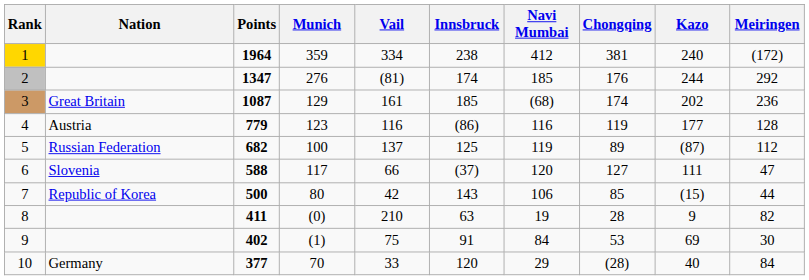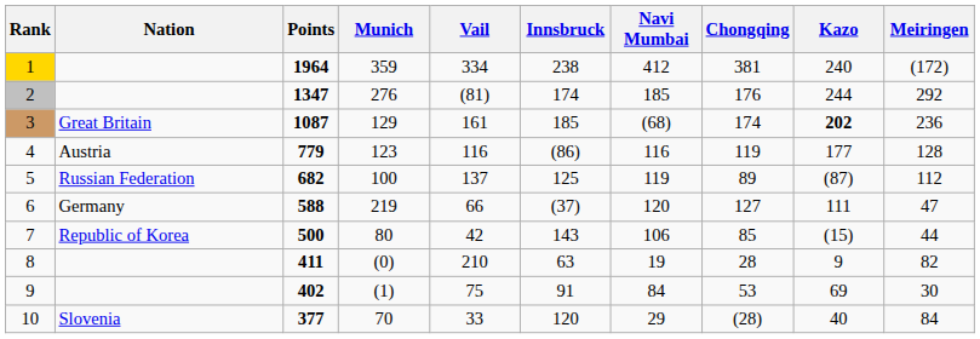 <table class="wikitable sortable">
 <tr>
 <th>Rank</th>
 <th width = "200">Nation</th>
 <th>Points</th>
 <th width = "75" data-sort-type="number"><a href='#'>Munich</a></th>
 <th width = "75" data-sort-type="number"><a href='#'>Vail</a></th>
 <th width = "75" data-sort-type="number"><a href='#'>Innsbruck</a></th>
 <th width = "75" data-sort-type="number"><a href='#'>Navi Mumbai</a></th>
 <th width = "75" data-sort-type="number"><a href='#'>Chongqing</a></th>
 <th width = "75" data-sort-type="number"><a href='#'>Kazo</a></th>
 <th width = "75" data-sort-type="number"><a href='#'>Meiringen</a></th>
 </tr>
 <tr>
 <td align="center" style="background: gold">1</td>
 <td></td>
 <td align="center"><strong>1964</strong></td>
 <td align="center">359</td>
 <td align="center">334</td>
 <td align="center">238</td>
 <td align="center">412</td>
 <td align="center">381</td>
 <td align="center">240</td>
 <td align="center">(172)</td>
 </tr>
 <tr>
 <td align="center" style="background: silver">2</td>
 <td></td>
 <td align="center"><strong>1347</strong></td>
 <td align="center">276</td>
 <td align="center">(81)</td>
 <td align="center">174</td>
 <td align="center">185</td>
 <td align="center">176</td>
 <td align="center">244</td>
 <td align="center">292</td>
 </tr>
 <tr>
 <td align="center" style="background: #cc9966">3</td>
 <td> <a href='#'>Great Britain</a></td>
 <td align="center"><strong>1087</strong></td>
 <td align="center">129</td>
 <td align="center">161</td>
 <td align="center">185</td>
 <td align="center">(68)</td>
 <td align="center">174</td>
-<td align="center">202</td>
+<td align="center"><strong>202</strong></td>
 <td align="center">236</td>
 </tr>
 <tr>
 <td align="center">4</td>
 <td> Austria</td>
 <td align="center"><strong>779</strong></td>
 <td align="center">123</td>
 <td align="center">116</td>
 <td align="center">(86)</td>
 <td align="center">116</td>
 <td align="center">119</td>
 <td align="center">177</td>
 <td align="center">128</td>
 </tr>
 <tr>
 <td align="center">5</td>
 <td> <a href='#'>Russian Federation</a></td>
 <td align="center"><strong>682</strong></td>
 <td align="center">100</td>
 <td align="center">137</td>
 <td align="center">125</td>
 <td align="center">119</td>
 <td align="center">89</td>
 <td align="center">(87)</td>
 <td align="center">112</td>
 </tr>
 <tr>
 <td align="center">6</td>
-<td> <a href='#'>Slovenia</a></td>
+<td> Germany</td>
 <td align="center"><strong>588</strong></td>
-<td align="center">117</td>
+<td align="center">219</td>
 <td align="center">66</td>
 <td align="center">(37)</td>
 <td align="center">120</td>
 <td align="center">127</td>
 <td align="center">111</td>
 <td align="center">47</td>
 </tr>
 <tr>
 <td align="center">7</td>
 <td> <a href='#'>Republic of Korea</a></td>
 <td align="center"><strong>500</strong></td>
 <td align="center">80</td>
 <td align="center">42</td>
 <td align="center">143</td>
 <td align="center">106</td>
 <td align="center">85</td>
 <td align="center">(15)</td>
 <td align="center">44</td>
 </tr>
 <tr>
 <td align="center">8</td>
 <td></td>
 <td align="center"><strong>411</strong></td>
 <td align="center">(0)</td>
 <td align="center">210</td>
 <td align="center">63</td>
 <td align="center">19</td>
 <td align="center">28</td>
 <td align="center">9</td>
 <td align="center">82</td>
 </tr>
 <tr>
 <td align="center">9</td>
 <td></td>
 <td align="center"><strong>402</strong></td>
 <td align="center">(1)</td>
 <td align="center">75</td>
 <td align="center">91</td>
 <td align="center">84</td>
 <td align="center">53</td>
 <td align="center">69</td>
 <td align="center">30</td>
 </tr>
 <tr>
 <td align="center">10</td>
-<td> Germany</td>
+<td> <a href='#'>Slovenia</a></td>
 <td align="center"><strong>377</strong></td>
 <td align="center">70</td>
 <td align="center">33</td>
 <td align="center">120</td>
 <td align="center">29</td>
 <td align="center">(28)</td>
 <td align="center">40</td>
 <td align="center">84</td>
 </tr>
 </table>
